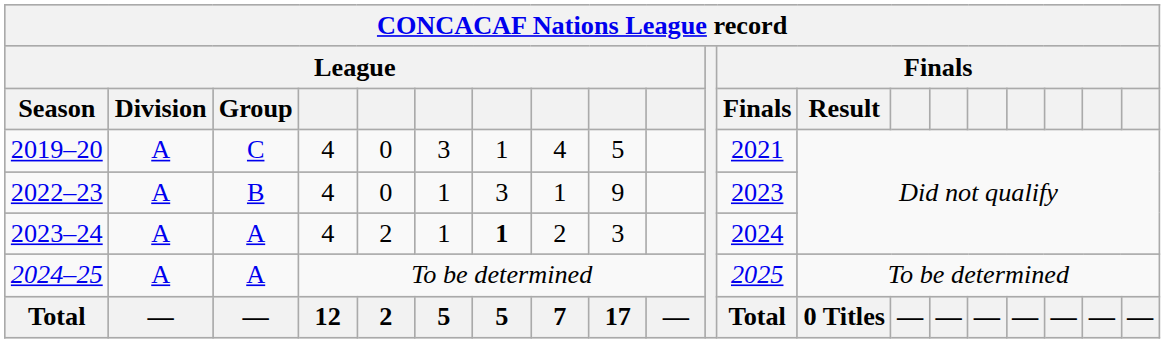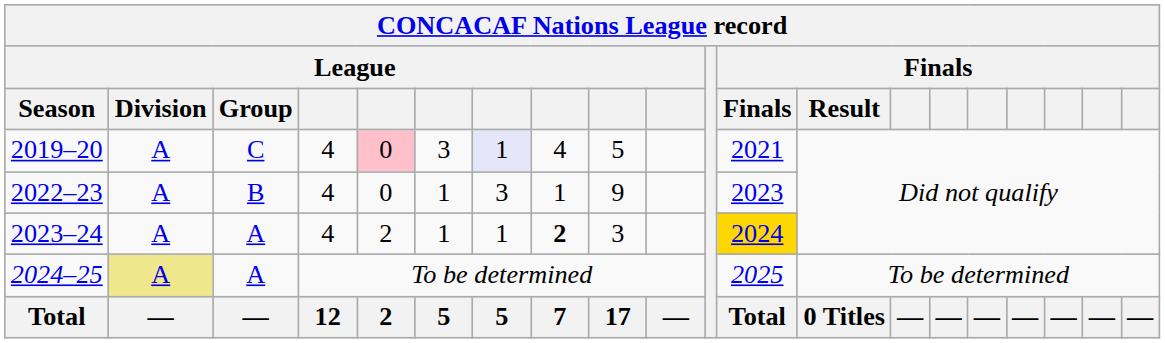 <table class="wikitable" style="text-align: center;">
 <tr>
 <th colspan="20"><a href='#'>CONCACAF Nations League</a> record</th>
 </tr>
 <tr>
 <th colspan="10">League</th>
 <th rowspan="7"></th>
 <th colspan="9">Finals</th>
 </tr>
 <tr>
 <th>Season</th>
 <th>Division</th>
 <th>Group</th>
 <th width="28"></th>
 <th width="28"></th>
 <th width="28"></th>
 <th width="28"></th>
 <th width="28"></th>
 <th width="28"></th>
 <th width="28"></th>
 <th><strong>Finals</strong></th>
 <th><strong>Result</strong></th>
 <th></th>
 <th></th>
 <th></th>
 <th></th>
 <th></th>
 <th></th>
 <th></th>
 </tr>
 <tr>
 <td><a href='#'>2019–20</a></td>
 <td><a href='#'>A</a></td>
 <td><a href='#'>C</a></td>
 <td>4</td>
-<td>0</td>
+<td style="background: pink;">0</td>
 <td>3</td>
-<td>1</td>
+<td style="background: lavender;">1</td>
 <td>4</td>
 <td>5</td>
 <td></td>
 <td> <a href='#'>2021</a></td>
 <td colspan="8" rowspan="3"><em>Did not qualify</em></td>
 </tr>
 <tr>
 <td><a href='#'>2022–23</a></td>
 <td><a href='#'>A</a></td>
 <td><a href='#'>B</a></td>
 <td>4</td>
 <td>0</td>
 <td>1</td>
 <td>3</td>
 <td>1</td>
 <td>9</td>
 <td></td>
 <td> <a href='#'>2023</a></td>
 </tr>
 <tr>
 <td><a href='#'>2023–24</a></td>
 <td><a href='#'>A</a></td>
 <td><a href='#'>A</a></td>
 <td>4</td>
 <td>2</td>
 <td>1</td>
-<td><strong>1</strong></td>
-<td>2</td>
+<td>1</td>
+<td><strong>2</strong></td>
 <td>3</td>
 <td></td>
-<td> <a href='#'>2024</a></td>
+<td style="background: gold;"> <a href='#'>2024</a></td>
 </tr>
 <tr>
 <td><a href='#'><em>2024–25</em></a></td>
-<td><a href='#'>A</a></td>
+<td style="background: khaki;"><a href='#'>A</a></td>
 <td><a href='#'>A</a></td>
 <td colspan="7"><em>To be determined</em></td>
 <td> <a href='#'><em>2025</em></a></td>
 <td colspan="8"><em>To be determined</em></td>
 </tr>
 <tr>
 <th>Total</th>
 <th><strong>—</strong></th>
 <th><strong>—</strong></th>
 <th>12</th>
 <th>2</th>
 <th>5</th>
 <th>5</th>
 <th>7</th>
 <th>17</th>
 <th><strong>—</strong></th>
 <th><strong>Total</strong></th>
 <th><strong>0 Titles</strong></th>
 <th><strong>—</strong></th>
 <th><strong>—</strong></th>
 <th><strong>—</strong></th>
 <th><strong>—</strong></th>
 <th><strong>—</strong></th>
 <th><strong>—</strong></th>
 <th><strong>—</strong></th>
 </tr>
 </table>
